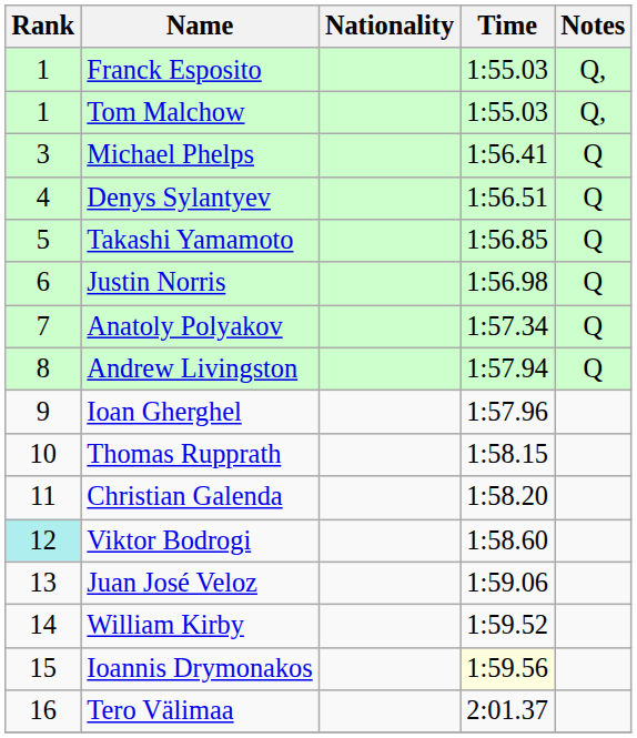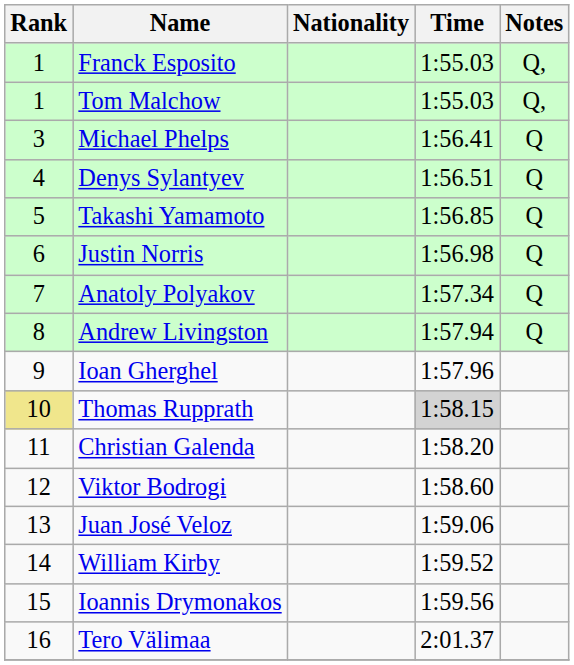 <table class="wikitable sortable" style="text-align:center">
 <tr>
 <th>Rank</th>
 <th>Name</th>
 <th>Nationality</th>
 <th>Time</th>
 <th>Notes</th>
 </tr>
 <tr bgcolor=ccffcc>
 <td>1</td>
 <td align=left><a href='#'>Franck Esposito</a></td>
 <td align=left></td>
 <td>1:55.03</td>
 <td>Q, <strong></strong></td>
 </tr>
 <tr bgcolor=ccffcc>
 <td>1</td>
 <td align=left><a href='#'>Tom Malchow</a></td>
 <td align=left></td>
 <td>1:55.03</td>
 <td>Q, <strong></strong></td>
 </tr>
 <tr bgcolor=ccffcc>
 <td>3</td>
 <td align=left><a href='#'>Michael Phelps</a></td>
 <td align=left></td>
 <td>1:56.41</td>
 <td>Q</td>
 </tr>
 <tr bgcolor=ccffcc>
 <td>4</td>
 <td align=left><a href='#'>Denys Sylantyev</a></td>
 <td align=left></td>
 <td>1:56.51</td>
 <td>Q</td>
 </tr>
 <tr bgcolor=ccffcc>
 <td>5</td>
 <td align=left><a href='#'>Takashi Yamamoto</a></td>
 <td align=left></td>
 <td>1:56.85</td>
 <td>Q</td>
 </tr>
 <tr bgcolor=ccffcc>
 <td>6</td>
 <td align=left><a href='#'>Justin Norris</a></td>
 <td align=left></td>
 <td>1:56.98</td>
 <td>Q</td>
 </tr>
 <tr bgcolor=ccffcc>
 <td>7</td>
 <td align=left><a href='#'>Anatoly Polyakov</a></td>
 <td align=left></td>
 <td>1:57.34</td>
 <td>Q</td>
 </tr>
 <tr bgcolor=ccffcc>
 <td>8</td>
 <td align=left><a href='#'>Andrew Livingston</a></td>
 <td align=left></td>
 <td>1:57.94</td>
 <td>Q</td>
 </tr>
 <tr>
 <td>9</td>
 <td align=left><a href='#'>Ioan Gherghel</a></td>
 <td align=left></td>
 <td>1:57.96</td>
 <td></td>
 </tr>
 <tr>
-<td>10</td>
+<td style="background: khaki;">10</td>
 <td align=left><a href='#'>Thomas Rupprath</a></td>
 <td align=left></td>
-<td>1:58.15</td>
+<td style="background: lightgrey;">1:58.15</td>
 <td></td>
 </tr>
 <tr>
 <td>11</td>
 <td align=left><a href='#'>Christian Galenda</a></td>
 <td align=left></td>
 <td>1:58.20</td>
 <td></td>
 </tr>
 <tr>
-<td style="background: paleturquoise;">12</td>
+<td>12</td>
 <td align=left><a href='#'>Viktor Bodrogi</a></td>
 <td align=left></td>
 <td>1:58.60</td>
 <td></td>
 </tr>
 <tr>
 <td>13</td>
 <td align=left><a href='#'>Juan José Veloz</a></td>
 <td align=left></td>
 <td>1:59.06</td>
 <td></td>
 </tr>
 <tr>
 <td>14</td>
 <td align=left><a href='#'>William Kirby</a></td>
 <td align=left></td>
 <td>1:59.52</td>
 <td></td>
 </tr>
 <tr>
 <td>15</td>
 <td align=left><a href='#'>Ioannis Drymonakos</a></td>
 <td align=left></td>
-<td style="background: lightyellow;">1:59.56</td>
+<td>1:59.56</td>
 <td></td>
 </tr>
 <tr>
 <td>16</td>
 <td align=left><a href='#'>Tero Välimaa</a></td>
 <td align=left></td>
 <td>2:01.37</td>
 <td></td>
 </tr>
 <tr>
 </tr>
 </table>
